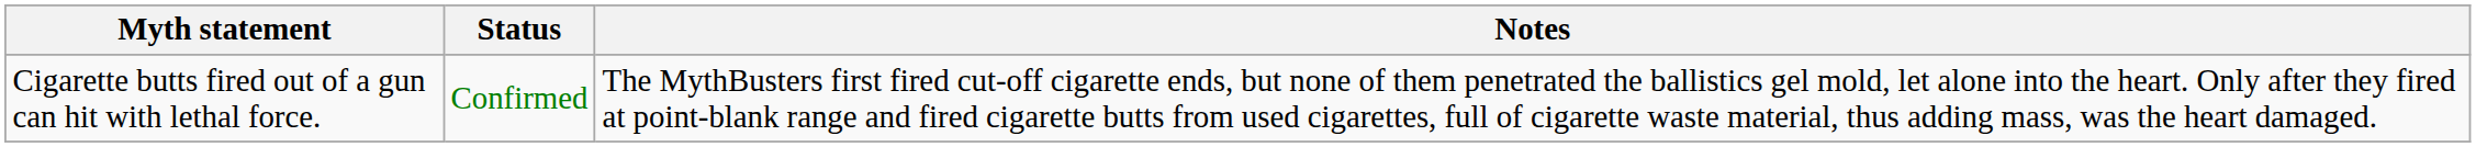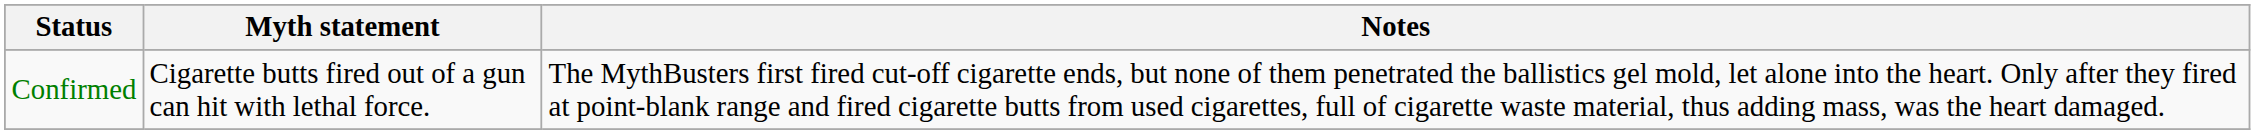 <table class="wikitable plainrowheaders">
 <tr>
+<th>Status</th>
 <th>Myth statement</th>
-<th>Status</th>
 <th>Notes</th>
 </tr>
 <tr>
+<td style="color:green">Confirmed</td>
 <td>Cigarette butts fired out of a gun can hit with lethal force.</td>
-<td style="color:green">Confirmed</td>
 <td>The MythBusters first fired cut-off cigarette ends, but none of them penetrated the ballistics gel mold, let alone into the heart. Only after they fired at point-blank range and fired cigarette butts from used cigarettes, full of cigarette waste material, thus adding mass, was the heart damaged.</td>
 </tr>
 </table>
